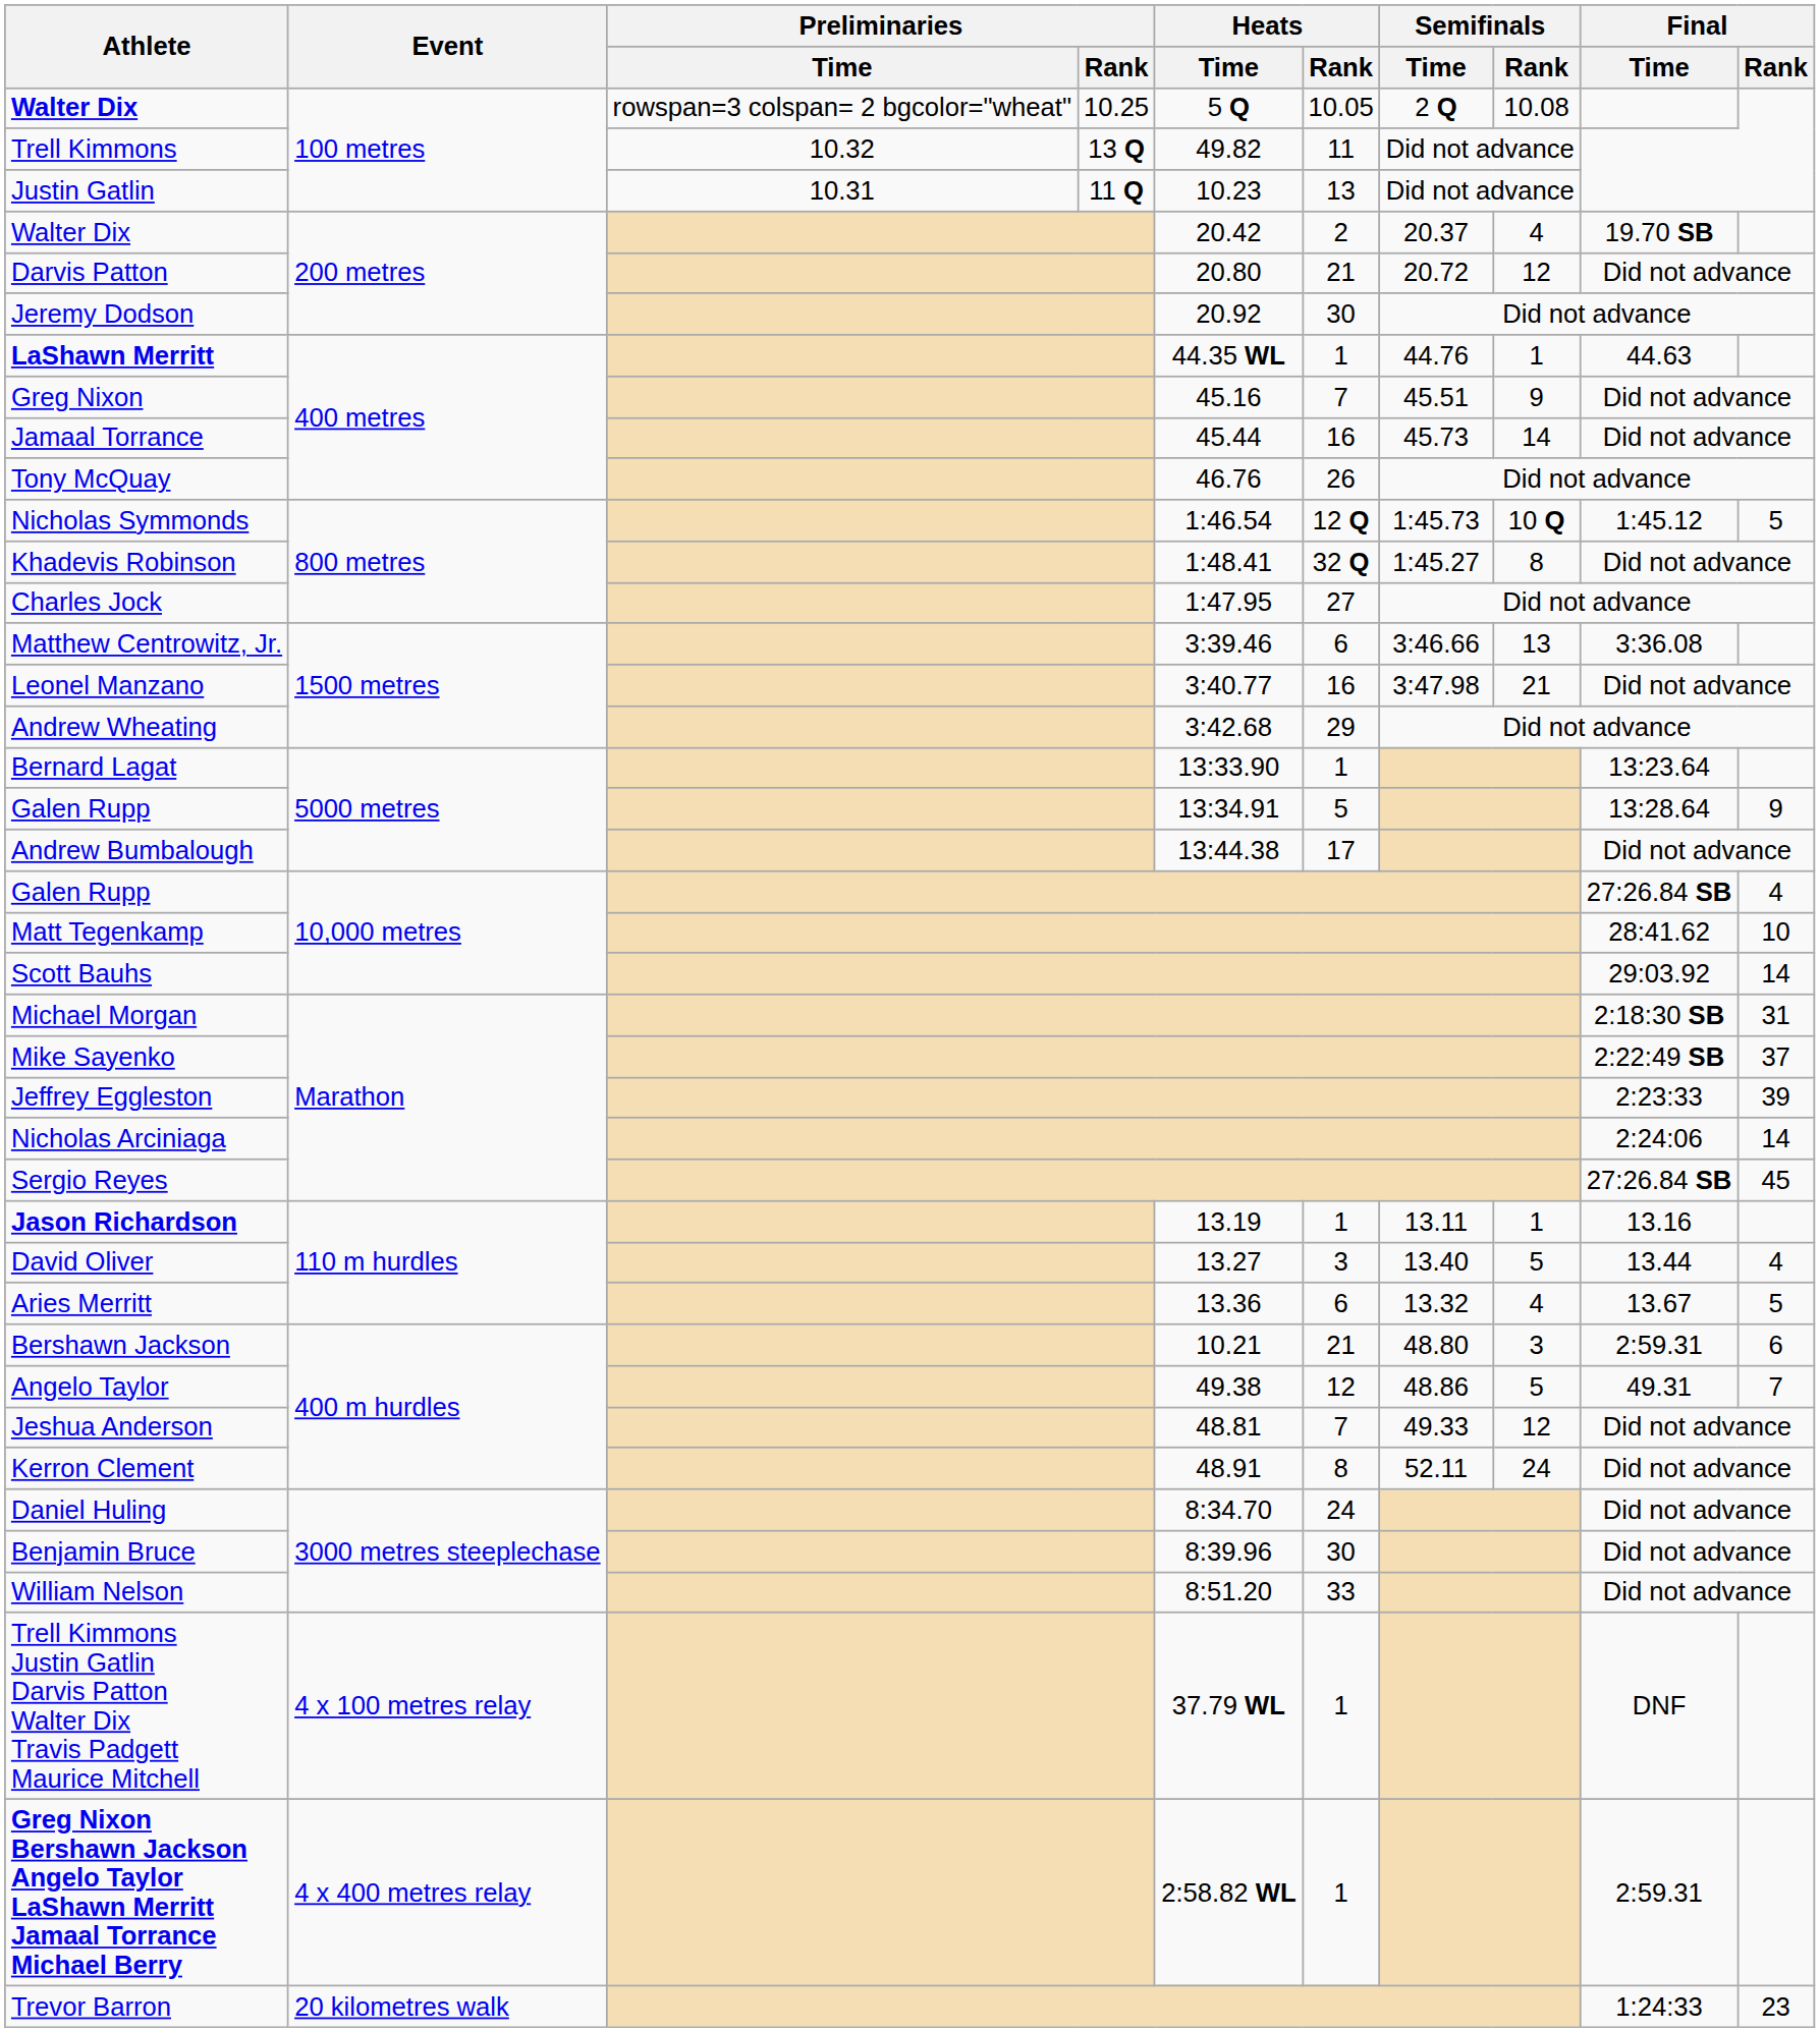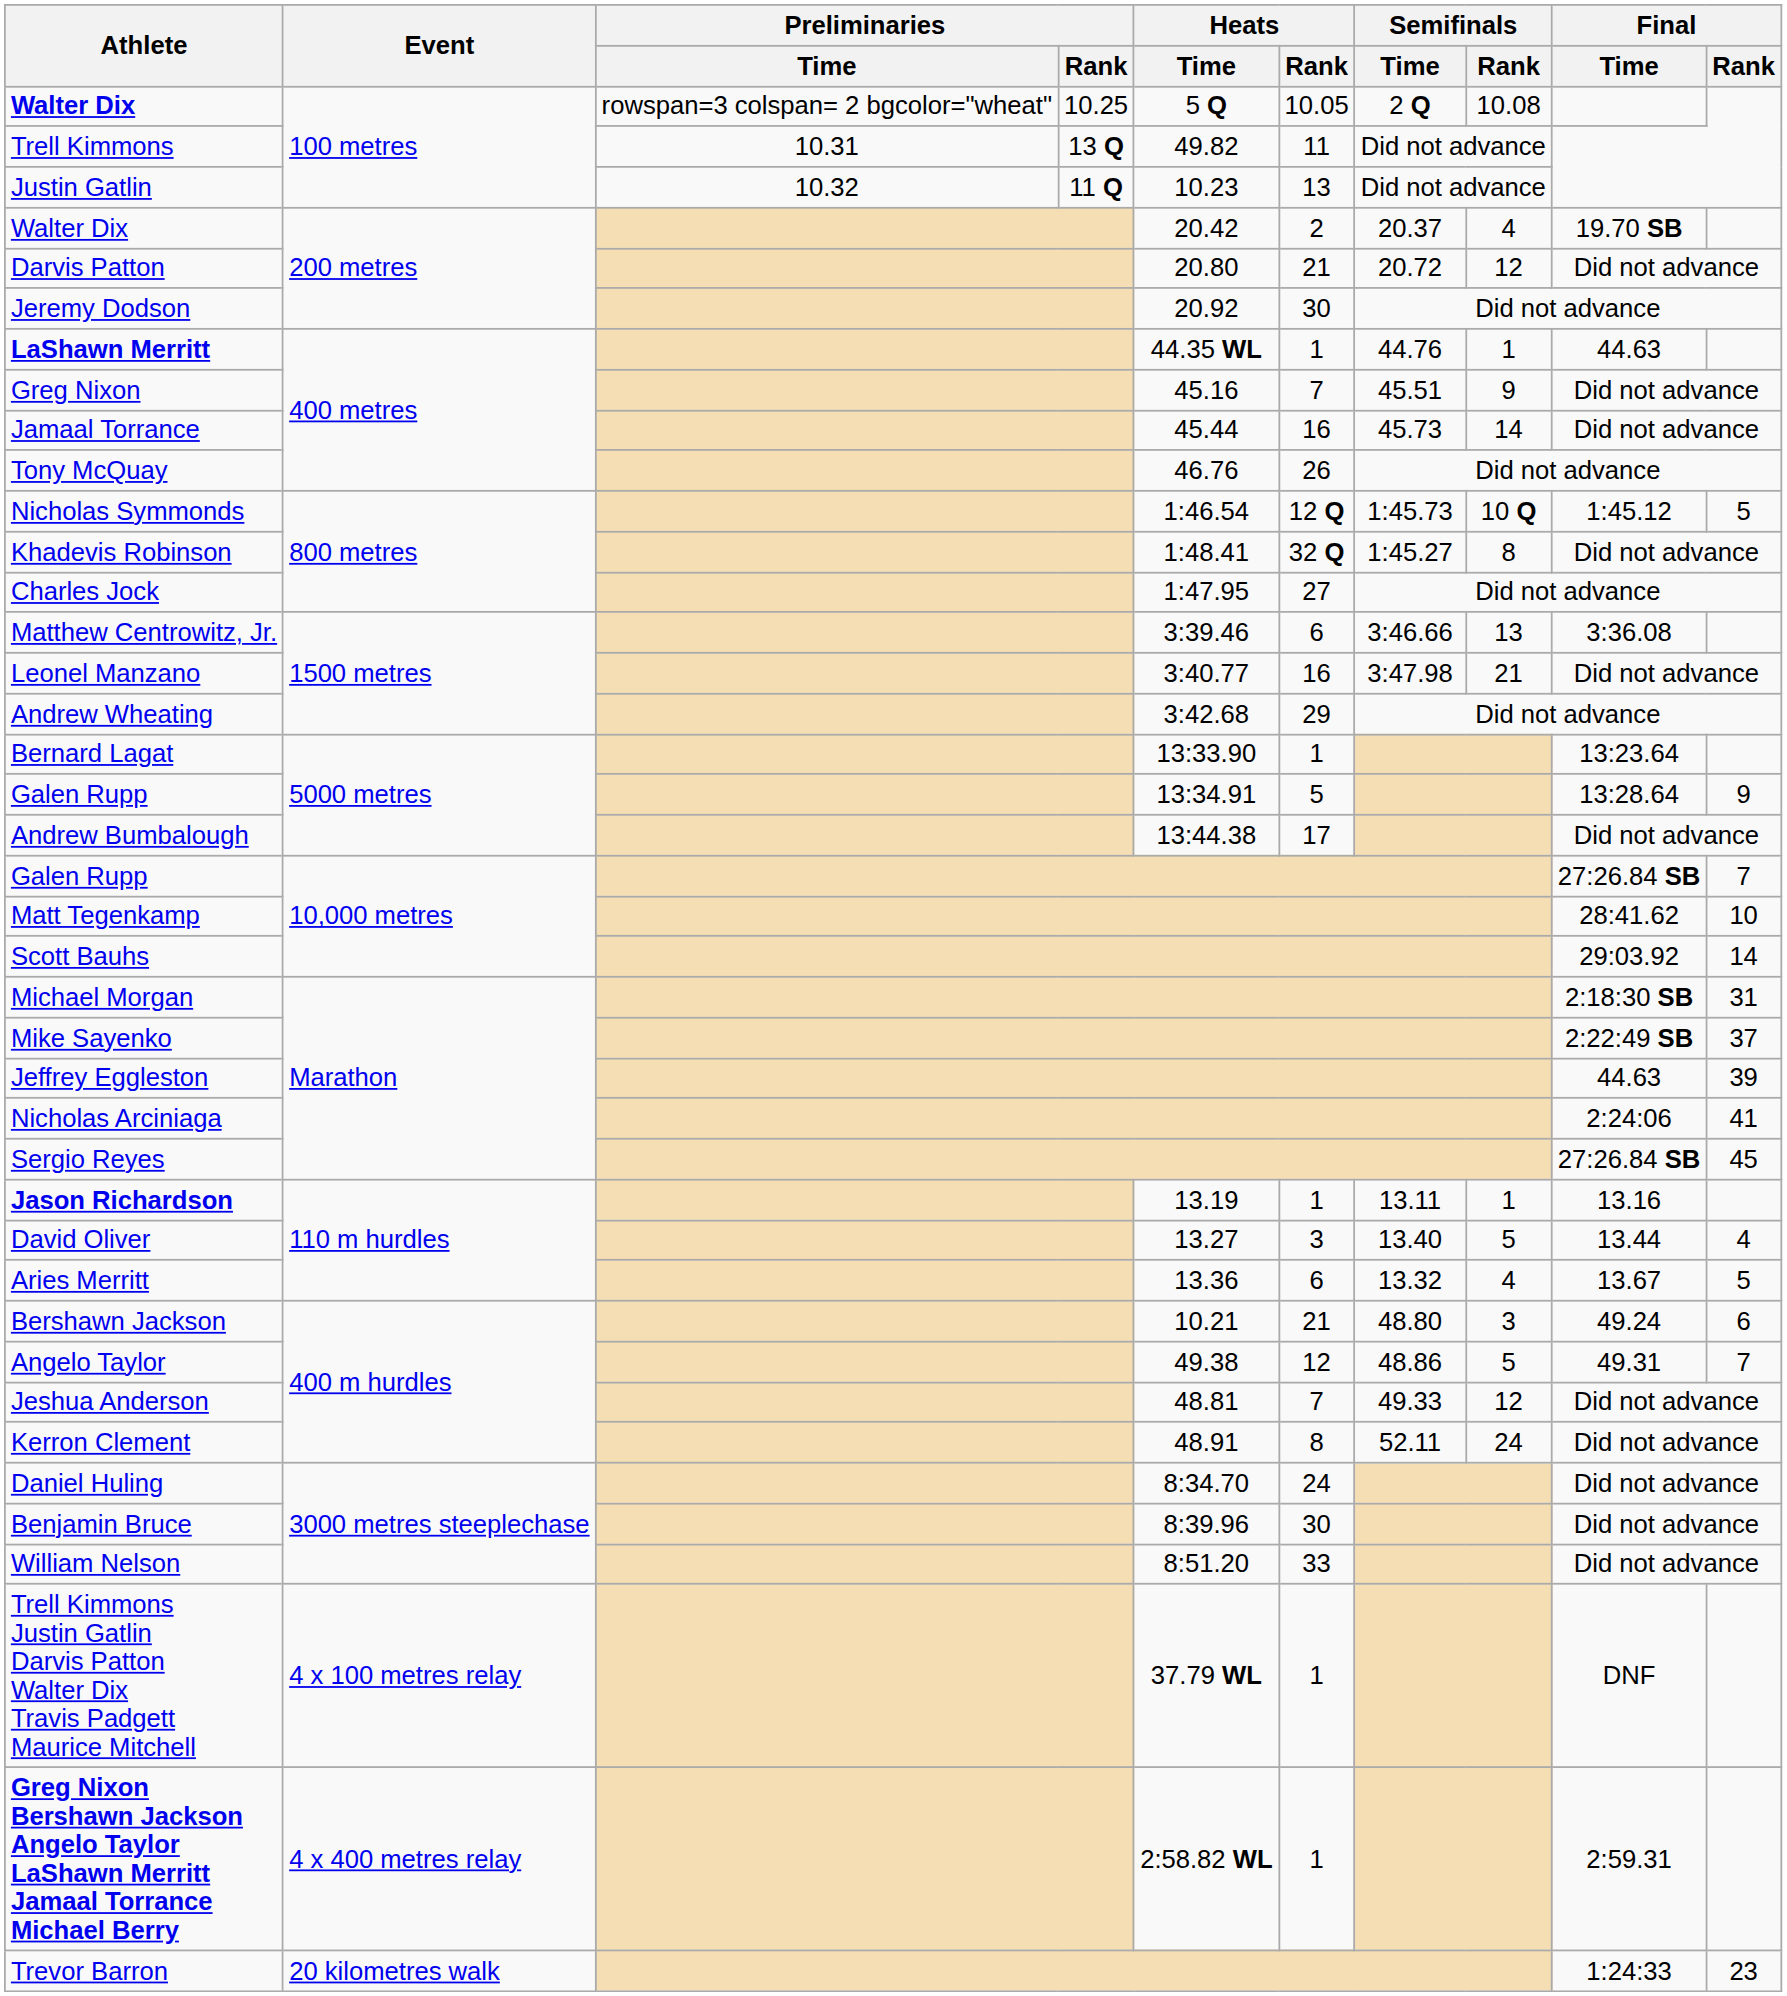 <table class=wikitable style="font-size:90%;">
 <tr>
 <th rowspan="2">Athlete</th>
 <th rowspan="2">Event</th>
 <th colspan="2">Preliminaries</th>
 <th colspan="2">Heats</th>
 <th colspan="2">Semifinals</th>
 <th colspan="2">Final</th>
 </tr>
 <tr>
 <th>Time</th>
 <th>Rank</th>
 <th>Time</th>
 <th>Rank</th>
 <th>Time</th>
 <th>Rank</th>
 <th>Time</th>
 <th>Rank</th>
 </tr>
 <tr style="border-top: single;">
 <td><strong><a href='#'>Walter Dix</a></strong></td>
 <td rowspan=3><a href='#'>100 metres</a></td>
 <td>rowspan=3 colspan= 2 bgcolor="wheat"  </td>
 <td align=center>10.25</td>
 <td align=center>5 <strong>Q</strong></td>
 <td align=center>10.05</td>
 <td align=center>2 <strong>Q</strong></td>
 <td align=center>10.08</td>
 <td align=center></td>
 </tr>
 <tr>
 <td><a href='#'>Trell Kimmons</a></td>
-<td align=center>10.32</td>
+<td align=center>10.31</td>
 <td align=center>13 <strong>Q</strong></td>
 <td align=center>49.82</td>
 <td align=center>11</td>
 <td colspan="2" align=center>Did not advance</td>
 </tr>
 <tr>
 <td><a href='#'>Justin Gatlin</a></td>
-<td align=center>10.31</td>
+<td align=center>10.32</td>
 <td align=center>11 <strong>Q</strong></td>
 <td align=center>10.23</td>
 <td align=center>13</td>
 <td colspan="2" align=center>Did not advance</td>
 </tr>
 <tr style="border-top: single;">
 <td><a href='#'>Walter Dix</a></td>
 <td rowspan=3><a href='#'>200 metres</a></td>
 <td colspan= 2 bgcolor="wheat"></td>
 <td align=center>20.42</td>
 <td align=center>2</td>
 <td align=center>20.37</td>
 <td align=center>4</td>
 <td align=center>19.70 <strong>SB</strong></td>
 <td align=center></td>
 </tr>
 <tr>
 <td><a href='#'>Darvis Patton</a></td>
 <td colspan= 2 bgcolor="wheat"></td>
 <td align=center>20.80</td>
 <td align=center>21</td>
 <td align=center>20.72</td>
 <td align=center>12</td>
 <td colspan="2" align=center>Did not advance</td>
 </tr>
 <tr>
 <td><a href='#'>Jeremy Dodson</a></td>
 <td colspan= 2 bgcolor="wheat"></td>
 <td align=center>20.92</td>
 <td align=center>30</td>
 <td colspan="4" align=center>Did not advance</td>
 </tr>
 <tr style="border-top: single;">
 <td><strong><a href='#'>LaShawn Merritt</a></strong></td>
 <td rowspan=4><a href='#'>400 metres</a></td>
 <td colspan= 2 bgcolor="wheat"></td>
 <td align=center>44.35 <strong>WL</strong></td>
 <td align=center>1</td>
 <td align=center>44.76</td>
 <td align=center>1</td>
 <td align=center>44.63</td>
 <td align=center></td>
 </tr>
 <tr>
 <td><a href='#'>Greg Nixon</a></td>
 <td colspan= 2 bgcolor="wheat"></td>
 <td align=center>45.16</td>
 <td align=center>7</td>
 <td align=center>45.51</td>
 <td align=center>9</td>
 <td colspan=2 align=center>Did not advance</td>
 </tr>
 <tr>
 <td><a href='#'>Jamaal Torrance</a></td>
 <td colspan= 2 bgcolor="wheat"></td>
 <td align=center>45.44</td>
 <td align=center>16</td>
 <td align=center>45.73</td>
 <td align=center>14</td>
 <td colspan=2 align=center>Did not advance</td>
 </tr>
 <tr>
 <td><a href='#'>Tony McQuay</a></td>
 <td colspan= 2 bgcolor="wheat"></td>
 <td align=center>46.76</td>
 <td align=center>26</td>
 <td colspan=4 align=center>Did not advance</td>
 </tr>
 <tr style="border-top: single;">
 <td><a href='#'>Nicholas Symmonds</a></td>
 <td rowspan=3><a href='#'>800 metres</a></td>
 <td colspan= 2 bgcolor="wheat"></td>
 <td align=center>1:46.54</td>
 <td align=center>12 <strong>Q</strong></td>
 <td align=center>1:45.73</td>
 <td align=center>10 <strong>Q</strong></td>
 <td align=center>1:45.12</td>
 <td align=center>5</td>
 </tr>
 <tr>
 <td><a href='#'>Khadevis Robinson</a></td>
 <td colspan= 2 bgcolor="wheat"></td>
 <td align=center>1:48.41</td>
 <td align=center>32 <strong>Q</strong></td>
 <td align=center>1:45.27</td>
 <td align=center>8</td>
 <td colspan="2" align=center>Did not advance</td>
 </tr>
 <tr>
 <td><a href='#'>Charles Jock</a></td>
 <td colspan= 2 bgcolor="wheat"></td>
 <td align=center>1:47.95</td>
 <td align=center>27</td>
 <td colspan="4" align=center>Did not advance</td>
 </tr>
 <tr style="border-top: single;">
 <td><a href='#'>Matthew Centrowitz, Jr.</a></td>
 <td rowspan=3><a href='#'>1500 metres</a></td>
 <td colspan= 2 bgcolor="wheat"></td>
 <td align=center>3:39.46</td>
 <td align=center>6</td>
 <td align=center>3:46.66</td>
 <td align=center>13</td>
 <td align=center>3:36.08</td>
 <td align=center></td>
 </tr>
 <tr>
 <td><a href='#'>Leonel Manzano</a></td>
 <td colspan= 2 bgcolor="wheat"></td>
 <td align=center>3:40.77</td>
 <td align=center>16</td>
 <td align=center>3:47.98</td>
 <td align=center>21</td>
 <td colspan="2" align=center>Did not advance</td>
 </tr>
 <tr>
 <td><a href='#'>Andrew Wheating</a></td>
 <td colspan= 2 bgcolor="wheat"></td>
 <td align=center>3:42.68</td>
 <td align=center>29</td>
 <td colspan="4" align=center>Did not advance</td>
 </tr>
 <tr style="border-top: single;">
 <td><a href='#'>Bernard Lagat</a></td>
 <td rowspan=3><a href='#'>5000 metres</a></td>
 <td colspan= 2 bgcolor="wheat"></td>
 <td align=center>13:33.90</td>
 <td align=center>1</td>
 <td colspan= 2 bgcolor="wheat"></td>
 <td align=center>13:23.64</td>
 <td align=center></td>
 </tr>
 <tr>
 <td><a href='#'>Galen Rupp</a></td>
 <td colspan= 2 bgcolor="wheat"></td>
 <td align=center>13:34.91</td>
 <td align=center>5</td>
 <td colspan= 2 bgcolor="wheat"></td>
 <td align=center>13:28.64</td>
 <td align=center>9</td>
 </tr>
 <tr>
 <td><a href='#'>Andrew Bumbalough</a></td>
 <td colspan= 2 bgcolor="wheat"></td>
 <td align=center>13:44.38</td>
 <td align=center>17</td>
 <td colspan= 2 bgcolor="wheat"></td>
 <td colspan="2" align=center>Did not advance</td>
 </tr>
 <tr style="border-top: single;">
 <td><a href='#'>Galen Rupp</a></td>
 <td rowspan=3><a href='#'>10,000 metres</a></td>
 <td colspan= 6 bgcolor="wheat"></td>
 <td align=center>27:26.84 <strong>SB</strong></td>
-<td align=center>4</td>
+<td align=center>7</td>
 </tr>
 <tr>
 <td><a href='#'>Matt Tegenkamp</a></td>
 <td colspan= 6 bgcolor="wheat"></td>
 <td align=center>28:41.62</td>
 <td align=center>10</td>
 </tr>
 <tr>
 <td><a href='#'>Scott Bauhs</a></td>
 <td colspan= 6 bgcolor="wheat"></td>
 <td align=center>29:03.92</td>
 <td align=center>14</td>
 </tr>
 <tr style="border-top: single;">
 <td><a href='#'>Michael Morgan</a></td>
 <td rowspan=5><a href='#'>Marathon</a></td>
 <td colspan= 6 bgcolor="wheat"></td>
 <td align=center>2:18:30 <strong>SB</strong></td>
 <td align=center>31</td>
 </tr>
 <tr>
 <td><a href='#'>Mike Sayenko</a></td>
 <td colspan= 6 bgcolor="wheat"></td>
 <td align=center>2:22:49 <strong>SB</strong></td>
 <td align=center>37</td>
 </tr>
 <tr>
 <td><a href='#'>Jeffrey Eggleston</a></td>
 <td colspan= 6 bgcolor="wheat"></td>
-<td align=center>2:23:33</td>
+<td align=center>44.63</td>
 <td align=center>39</td>
 </tr>
 <tr>
 <td><a href='#'>Nicholas Arciniaga</a></td>
 <td colspan= 6 bgcolor="wheat"></td>
 <td align=center>2:24:06</td>
-<td align=center>14</td>
+<td align=center>41</td>
 </tr>
 <tr>
 <td><a href='#'>Sergio Reyes</a></td>
 <td colspan= 6 bgcolor="wheat"></td>
 <td align=center>27:26.84 <strong>SB</strong></td>
 <td align=center>45</td>
 </tr>
 <tr style="border-top: single;">
 <td><strong><a href='#'>Jason Richardson</a></strong></td>
 <td rowspan=3><a href='#'>110 m hurdles</a></td>
 <td colspan= 2 bgcolor="wheat"></td>
 <td align=center>13.19</td>
 <td align=center>1</td>
 <td align=center>13.11</td>
 <td align=center>1</td>
 <td align=center>13.16</td>
 <td align=center></td>
 </tr>
 <tr>
 <td><a href='#'>David Oliver</a></td>
 <td colspan= 2 bgcolor="wheat"></td>
 <td align=center>13.27</td>
 <td align=center>3</td>
 <td align=center>13.40</td>
 <td align=center>5</td>
 <td align=center>13.44</td>
 <td align=center>4</td>
 </tr>
 <tr>
 <td><a href='#'>Aries Merritt</a></td>
 <td colspan= 2 bgcolor="wheat"></td>
 <td align=center>13.36</td>
 <td align=center>6</td>
 <td align=center>13.32</td>
 <td align=center>4</td>
 <td align=center>13.67</td>
 <td align=center>5</td>
 </tr>
 <tr style="border-top: single;">
 <td><a href='#'>Bershawn Jackson</a></td>
 <td rowspan=4><a href='#'>400 m hurdles</a></td>
 <td colspan= 2 bgcolor="wheat"></td>
 <td align=center>10.21</td>
 <td align=center>21</td>
 <td align=center>48.80</td>
 <td align=center>3</td>
-<td align=center>2:59.31</td>
+<td align=center>49.24</td>
 <td align=center>6</td>
 </tr>
 <tr>
 <td><a href='#'>Angelo Taylor</a></td>
 <td colspan= 2 bgcolor="wheat"></td>
 <td align=center>49.38</td>
 <td align=center>12</td>
 <td align=center>48.86</td>
 <td align=center>5</td>
 <td align=center>49.31</td>
 <td align=center>7</td>
 </tr>
 <tr>
 <td><a href='#'>Jeshua Anderson</a></td>
 <td colspan= 2 bgcolor="wheat"></td>
 <td align=center>48.81</td>
 <td align=center>7</td>
 <td align=center>49.33</td>
 <td align=center>12</td>
 <td colspan="2" align=center>Did not advance</td>
 </tr>
 <tr>
 <td><a href='#'>Kerron Clement</a></td>
 <td colspan= 2 bgcolor="wheat"></td>
 <td align=center>48.91</td>
 <td align=center>8</td>
 <td align=center>52.11</td>
 <td align=center>24</td>
 <td colspan="2" align=center>Did not advance</td>
 </tr>
 <tr style="border-top: single;">
 <td><a href='#'>Daniel Huling</a></td>
 <td rowspan=3><a href='#'>3000 metres steeplechase</a></td>
 <td colspan= 2 bgcolor="wheat"></td>
 <td align=center>8:34.70</td>
 <td align=center>24</td>
 <td colspan= 2 bgcolor="wheat"></td>
 <td colspan="2" align=center>Did not advance</td>
 </tr>
 <tr>
 <td><a href='#'>Benjamin Bruce</a></td>
 <td colspan= 2 bgcolor="wheat"></td>
 <td align=center>8:39.96</td>
 <td align=center>30</td>
 <td colspan= 2 bgcolor="wheat"></td>
 <td colspan="2" align=center>Did not advance</td>
 </tr>
 <tr>
 <td><a href='#'>William Nelson</a></td>
 <td colspan= 2 bgcolor="wheat"></td>
 <td align=center>8:51.20</td>
 <td align=center>33</td>
 <td colspan= 2 bgcolor="wheat"></td>
 <td colspan="2" align=center>Did not advance</td>
 </tr>
 <tr style="border-top: single;">
 <td><a href='#'>Trell Kimmons</a><br><a href='#'>Justin Gatlin</a><br><a href='#'>Darvis Patton</a><br><a href='#'>Walter Dix</a><br><a href='#'>Travis Padgett</a><br><a href='#'>Maurice Mitchell</a><br></td>
 <td><a href='#'>4 x 100 metres relay</a></td>
 <td colspan= 2 bgcolor="wheat"></td>
 <td align=center>37.79 <strong>WL</strong></td>
 <td align=center>1</td>
 <td colspan= 2 bgcolor="wheat"></td>
 <td align=center>DNF</td>
 <td align=center></td>
 </tr>
 <tr style="border-top: single;">
 <td><strong><a href='#'>Greg Nixon</a><br><a href='#'>Bershawn Jackson</a><br><a href='#'>Angelo Taylor</a><br><a href='#'>LaShawn Merritt</a><br><a href='#'>Jamaal Torrance</a><br><a href='#'>Michael Berry</a><br></strong></td>
 <td><a href='#'>4 x 400 metres relay</a></td>
 <td colspan= 2 bgcolor="wheat"></td>
 <td align=center>2:58.82 <strong>WL</strong></td>
 <td align=center>1</td>
 <td colspan= 2 bgcolor="wheat"></td>
 <td align=center>2:59.31</td>
 <td align=center></td>
 </tr>
 <tr style="border-top: single;">
 <td><a href='#'>Trevor Barron</a></td>
 <td><a href='#'>20 kilometres walk</a></td>
 <td colspan= 6 bgcolor="wheat"></td>
 <td align=center>1:24:33</td>
 <td align=center>23</td>
 </tr>
 </table>
